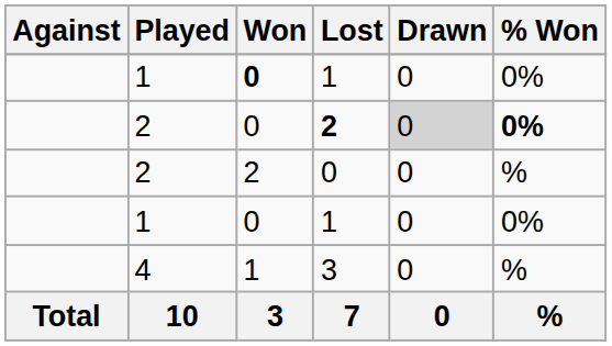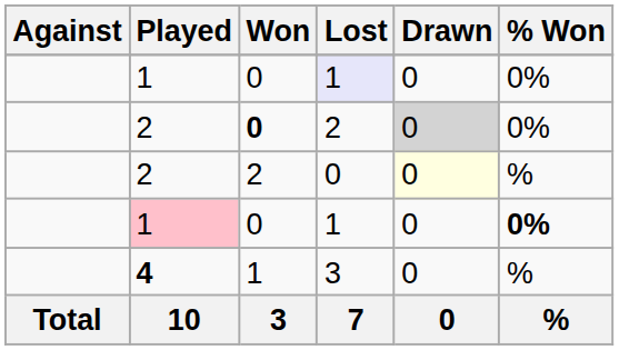 <table class="sortable wikitable" style="font-size: 87%;">
 <tr>
 <th>Against</th>
 <th>Played</th>
 <th>Won</th>
 <th>Lost</th>
 <th>Drawn</th>
 <th>% Won</th>
 </tr>
 <tr bgcolor="#d0ffd0" align="center">
 </tr>
 <tr>
 <td align="left"></td>
 <td>1</td>
-<td><strong>0</strong></td>
-<td>1</td>
+<td>0</td>
+<td style="background: lavender;">1</td>
 <td>0</td>
 <td>0%</td>
 </tr>
 <tr>
 <td align="left"></td>
 <td>2</td>
-<td>0</td>
-<td><strong>2</strong></td>
+<td><strong>0</strong></td>
+<td>2</td>
 <td style="background: lightgrey;">0</td>
-<td><strong>0%</strong></td>
+<td>0%</td>
 </tr>
 <tr>
 <td align="left"></td>
 <td>2</td>
 <td>2</td>
 <td>0</td>
-<td>0</td>
+<td style="background: lightyellow;">0</td>
 <td>%</td>
 </tr>
 <tr>
 <td align="left"></td>
-<td>1</td>
+<td style="background: pink;">1</td>
 <td>0</td>
 <td>1</td>
 <td>0</td>
-<td>0%</td>
+<td><strong>0%</strong></td>
 </tr>
 <tr>
 <td align="left"></td>
-<td>4</td>
+<td><strong>4</strong></td>
 <td>1</td>
 <td>3</td>
 <td>0</td>
 <td>%</td>
 </tr>
 <tr>
 <th>Total</th>
 <th><strong>10</strong></th>
 <th><strong>3</strong></th>
 <th><strong>7</strong></th>
 <th><strong>0</strong></th>
 <th><strong>%</strong></th>
 </tr>
 </table>
